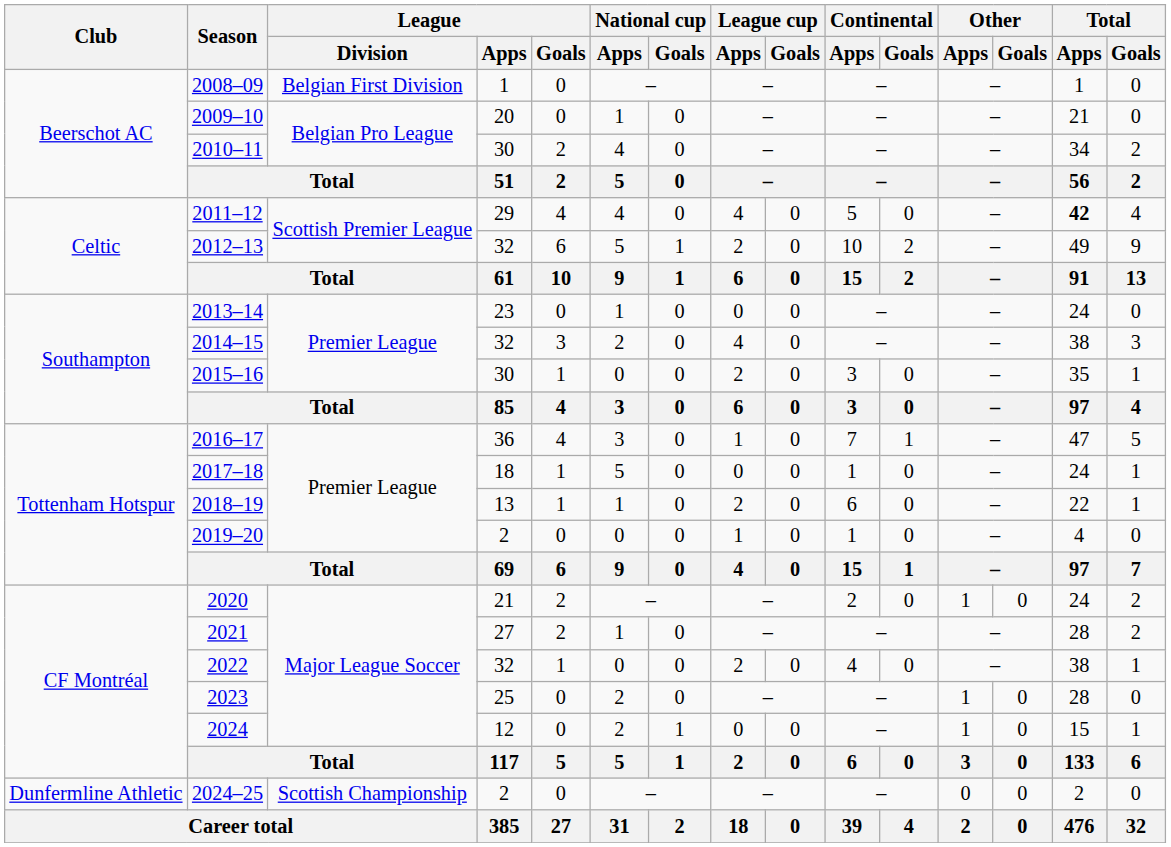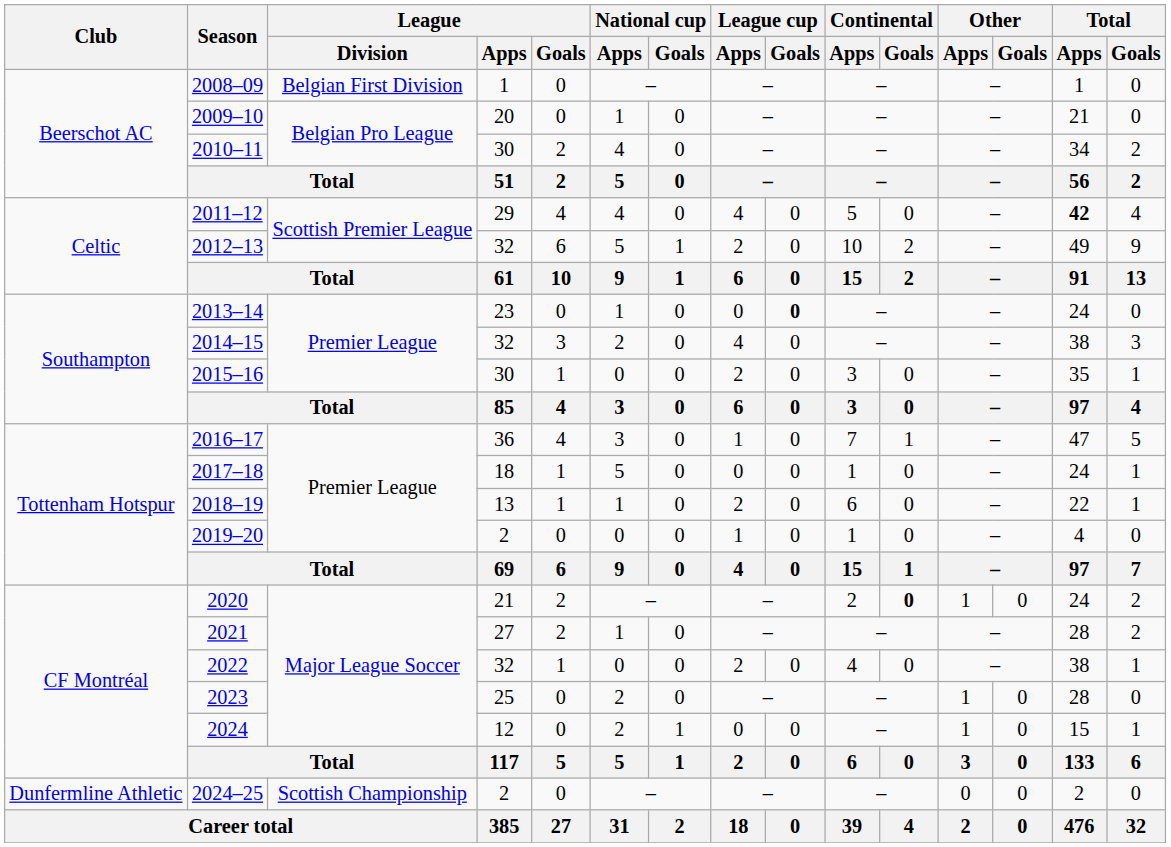 <table class="wikitable" style="text-align:center">
 <tr>
 <th rowspan="2">Club</th>
 <th rowspan="2">Season</th>
 <th colspan="3">League</th>
 <th colspan="2">National cup</th>
 <th colspan="2">League cup</th>
 <th colspan="2">Continental</th>
 <th colspan="2">Other</th>
 <th colspan="2">Total</th>
 </tr>
 <tr>
 <th>Division</th>
 <th>Apps</th>
 <th>Goals</th>
 <th>Apps</th>
 <th>Goals</th>
 <th>Apps</th>
 <th>Goals</th>
 <th>Apps</th>
 <th>Goals</th>
 <th>Apps</th>
 <th>Goals</th>
 <th>Apps</th>
 <th>Goals</th>
 </tr>
 <tr>
 <td rowspan="4"><a href='#'>Beerschot AC</a></td>
 <td><a href='#'>2008–09</a></td>
 <td><a href='#'>Belgian First Division</a></td>
 <td>1</td>
 <td>0</td>
 <td colspan="2">–</td>
 <td colspan="2">–</td>
 <td colspan="2">–</td>
 <td colspan="2">–</td>
 <td>1</td>
 <td>0</td>
 </tr>
 <tr>
 <td><a href='#'>2009–10</a></td>
 <td rowspan="2"><a href='#'>Belgian Pro League</a></td>
 <td>20</td>
 <td>0</td>
 <td>1</td>
 <td>0</td>
 <td colspan="2">–</td>
 <td colspan="2">–</td>
 <td colspan="2">–</td>
 <td>21</td>
 <td>0</td>
 </tr>
 <tr>
 <td><a href='#'>2010–11</a></td>
 <td>30</td>
 <td>2</td>
 <td>4</td>
 <td>0</td>
 <td colspan="2">–</td>
 <td colspan="2">–</td>
 <td colspan="2">–</td>
 <td>34</td>
 <td>2</td>
 </tr>
 <tr>
 <th colspan="2">Total</th>
 <th>51</th>
 <th>2</th>
 <th>5</th>
 <th>0</th>
 <th colspan="2">–</th>
 <th colspan="2">–</th>
 <th colspan="2">–</th>
 <th>56</th>
 <th>2</th>
 </tr>
 <tr>
 <td rowspan="3"><a href='#'>Celtic</a></td>
 <td><a href='#'>2011–12</a></td>
 <td rowspan="2"><a href='#'>Scottish Premier League</a></td>
 <td>29</td>
 <td>4</td>
 <td>4</td>
 <td>0</td>
 <td>4</td>
 <td>0</td>
 <td>5</td>
 <td>0</td>
 <td colspan="2">–</td>
 <td><strong>42</strong></td>
 <td>4</td>
 </tr>
 <tr>
 <td><a href='#'>2012–13</a></td>
 <td>32</td>
 <td>6</td>
 <td>5</td>
 <td>1</td>
 <td>2</td>
 <td>0</td>
 <td>10</td>
 <td>2</td>
 <td colspan="2">–</td>
 <td>49</td>
 <td>9</td>
 </tr>
 <tr>
 <th colspan="2">Total</th>
 <th>61</th>
 <th>10</th>
 <th>9</th>
 <th>1</th>
 <th>6</th>
 <th>0</th>
 <th>15</th>
 <th>2</th>
 <th colspan="2">–</th>
 <th>91</th>
 <th>13</th>
 </tr>
 <tr>
 <td rowspan="4"><a href='#'>Southampton</a></td>
 <td><a href='#'>2013–14</a></td>
 <td rowspan="3"><a href='#'>Premier League</a></td>
 <td>23</td>
 <td>0</td>
 <td>1</td>
 <td>0</td>
 <td>0</td>
-<td>0</td>
+<td><strong>0</strong></td>
 <td colspan="2">–</td>
 <td colspan="2">–</td>
 <td>24</td>
 <td>0</td>
 </tr>
 <tr>
 <td><a href='#'>2014–15</a></td>
 <td>32</td>
 <td>3</td>
 <td>2</td>
 <td>0</td>
 <td>4</td>
 <td>0</td>
 <td colspan="2">–</td>
 <td colspan="2">–</td>
 <td>38</td>
 <td>3</td>
 </tr>
 <tr>
 <td><a href='#'>2015–16</a></td>
 <td>30</td>
 <td>1</td>
 <td>0</td>
 <td>0</td>
 <td>2</td>
 <td>0</td>
 <td>3</td>
 <td>0</td>
 <td colspan="2">–</td>
 <td>35</td>
 <td>1</td>
 </tr>
 <tr>
 <th colspan="2">Total</th>
 <th>85</th>
 <th>4</th>
 <th>3</th>
 <th>0</th>
 <th>6</th>
 <th>0</th>
 <th>3</th>
 <th>0</th>
 <th colspan="2">–</th>
 <th>97</th>
 <th>4</th>
 </tr>
 <tr>
 <td rowspan="5"><a href='#'>Tottenham Hotspur</a></td>
 <td><a href='#'>2016–17</a></td>
 <td rowspan="4">Premier League</td>
 <td>36</td>
 <td>4</td>
 <td>3</td>
 <td>0</td>
 <td>1</td>
 <td>0</td>
 <td>7</td>
 <td>1</td>
 <td colspan="2">–</td>
 <td>47</td>
 <td>5</td>
 </tr>
 <tr>
 <td><a href='#'>2017–18</a></td>
 <td>18</td>
 <td>1</td>
 <td>5</td>
 <td>0</td>
 <td>0</td>
 <td>0</td>
 <td>1</td>
 <td>0</td>
 <td colspan="2">–</td>
 <td>24</td>
 <td>1</td>
 </tr>
 <tr>
 <td><a href='#'>2018–19</a></td>
 <td>13</td>
 <td>1</td>
 <td>1</td>
 <td>0</td>
 <td>2</td>
 <td>0</td>
 <td>6</td>
 <td>0</td>
 <td colspan="2">–</td>
 <td>22</td>
 <td>1</td>
 </tr>
 <tr>
 <td><a href='#'>2019–20</a></td>
 <td>2</td>
 <td>0</td>
 <td>0</td>
 <td>0</td>
 <td>1</td>
 <td>0</td>
 <td>1</td>
 <td>0</td>
 <td colspan="2">–</td>
 <td>4</td>
 <td>0</td>
 </tr>
 <tr>
 <th colspan="2">Total</th>
 <th>69</th>
 <th>6</th>
 <th>9</th>
 <th>0</th>
 <th>4</th>
 <th>0</th>
 <th>15</th>
 <th>1</th>
 <th colspan="2">–</th>
 <th>97</th>
 <th>7</th>
 </tr>
 <tr>
 <td rowspan="6"><a href='#'>CF Montréal</a></td>
 <td><a href='#'>2020</a></td>
 <td rowspan="5"><a href='#'>Major League Soccer</a></td>
 <td>21</td>
 <td>2</td>
 <td colspan="2">–</td>
 <td colspan="2">–</td>
 <td>2</td>
-<td>0</td>
+<td><strong>0</strong></td>
 <td>1</td>
 <td>0</td>
 <td>24</td>
 <td>2</td>
 </tr>
 <tr>
 <td><a href='#'>2021</a></td>
 <td>27</td>
 <td>2</td>
 <td>1</td>
 <td>0</td>
 <td colspan="2">–</td>
 <td colspan="2">–</td>
 <td colspan="2">–</td>
 <td>28</td>
 <td>2</td>
 </tr>
 <tr>
 <td><a href='#'>2022</a></td>
 <td>32</td>
 <td>1</td>
 <td>0</td>
 <td>0</td>
 <td>2</td>
 <td>0</td>
 <td>4</td>
 <td>0</td>
 <td colspan="2">–</td>
 <td>38</td>
 <td>1</td>
 </tr>
 <tr>
 <td><a href='#'>2023</a></td>
 <td>25</td>
 <td>0</td>
 <td>2</td>
 <td>0</td>
 <td colspan="2">–</td>
 <td colspan="2">–</td>
 <td>1</td>
 <td>0</td>
 <td>28</td>
 <td>0</td>
 </tr>
 <tr>
 <td><a href='#'>2024</a></td>
 <td>12</td>
 <td>0</td>
 <td>2</td>
 <td>1</td>
 <td>0</td>
 <td>0</td>
 <td colspan="2">–</td>
 <td>1</td>
 <td>0</td>
 <td>15</td>
 <td>1</td>
 </tr>
 <tr>
 <th colspan="2">Total</th>
 <th>117</th>
 <th>5</th>
 <th>5</th>
 <th>1</th>
 <th>2</th>
 <th>0</th>
 <th>6</th>
 <th>0</th>
 <th>3</th>
 <th>0</th>
 <th>133</th>
 <th>6</th>
 </tr>
 <tr>
 <td><a href='#'>Dunfermline Athletic</a></td>
 <td><a href='#'>2024–25</a></td>
 <td><a href='#'>Scottish Championship</a></td>
 <td>2</td>
 <td>0</td>
 <td colspan="2">–</td>
 <td colspan="2">–</td>
 <td colspan="2">–</td>
 <td>0</td>
 <td>0</td>
 <td>2</td>
 <td>0</td>
 </tr>
 <tr>
 <th colspan="3">Career total</th>
 <th>385</th>
 <th>27</th>
 <th>31</th>
 <th>2</th>
 <th>18</th>
 <th>0</th>
 <th>39</th>
 <th>4</th>
 <th>2</th>
 <th>0</th>
 <th>476</th>
 <th>32</th>
 </tr>
 </table>
